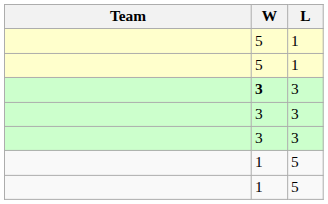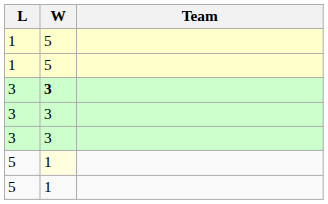 <table class="wikitable">
 <tr>
+<th width="30px">L</th>
+<th width="30px">W</th>
 <th width="250px">Team</th>
-<th width="30px">W</th>
-<th width="30px">L</th>
 </tr>
 <tr bgcolor=#ffffcc>
+<td>1</td>
+<td>5</td>
 <td></td>
+</tr>
+<tr bgcolor=#ffffcc>
+<td>1</td>
+<td>5</td>
+<td></td>
+</tr>
+<tr bgcolor=#ccffcc>
+<td>3</td>
+<td><strong>3</strong></td>
+<td></td>
+</tr>
+<tr bgcolor=#ccffcc>
+<td>3</td>
+<td>3</td>
+<td></td>
+</tr>
+<tr bgcolor=#ccffcc>
+<td>3</td>
+<td>3</td>
+<td></td>
+</tr>
+<tr>
+<td>5</td>
+<td style="background: lightyellow;">1</td>
+<td></td>
+</tr>
+<tr>
 <td>5</td>
 <td>1</td>
-</tr>
-<tr bgcolor=#ffffcc>
 <td></td>
-<td>5</td>
-<td>1</td>
-</tr>
-<tr bgcolor=#ccffcc>
-<td></td>
-<td><strong>3</strong></td>
-<td>3</td>
-</tr>
-<tr bgcolor=#ccffcc>
-<td></td>
-<td>3</td>
-<td>3</td>
-</tr>
-<tr bgcolor=#ccffcc>
-<td></td>
-<td>3</td>
-<td>3</td>
-</tr>
-<tr>
-<td></td>
-<td>1</td>
-<td>5</td>
-</tr>
-<tr>
-<td></td>
-<td>1</td>
-<td>5</td>
 </tr>
 </table>
